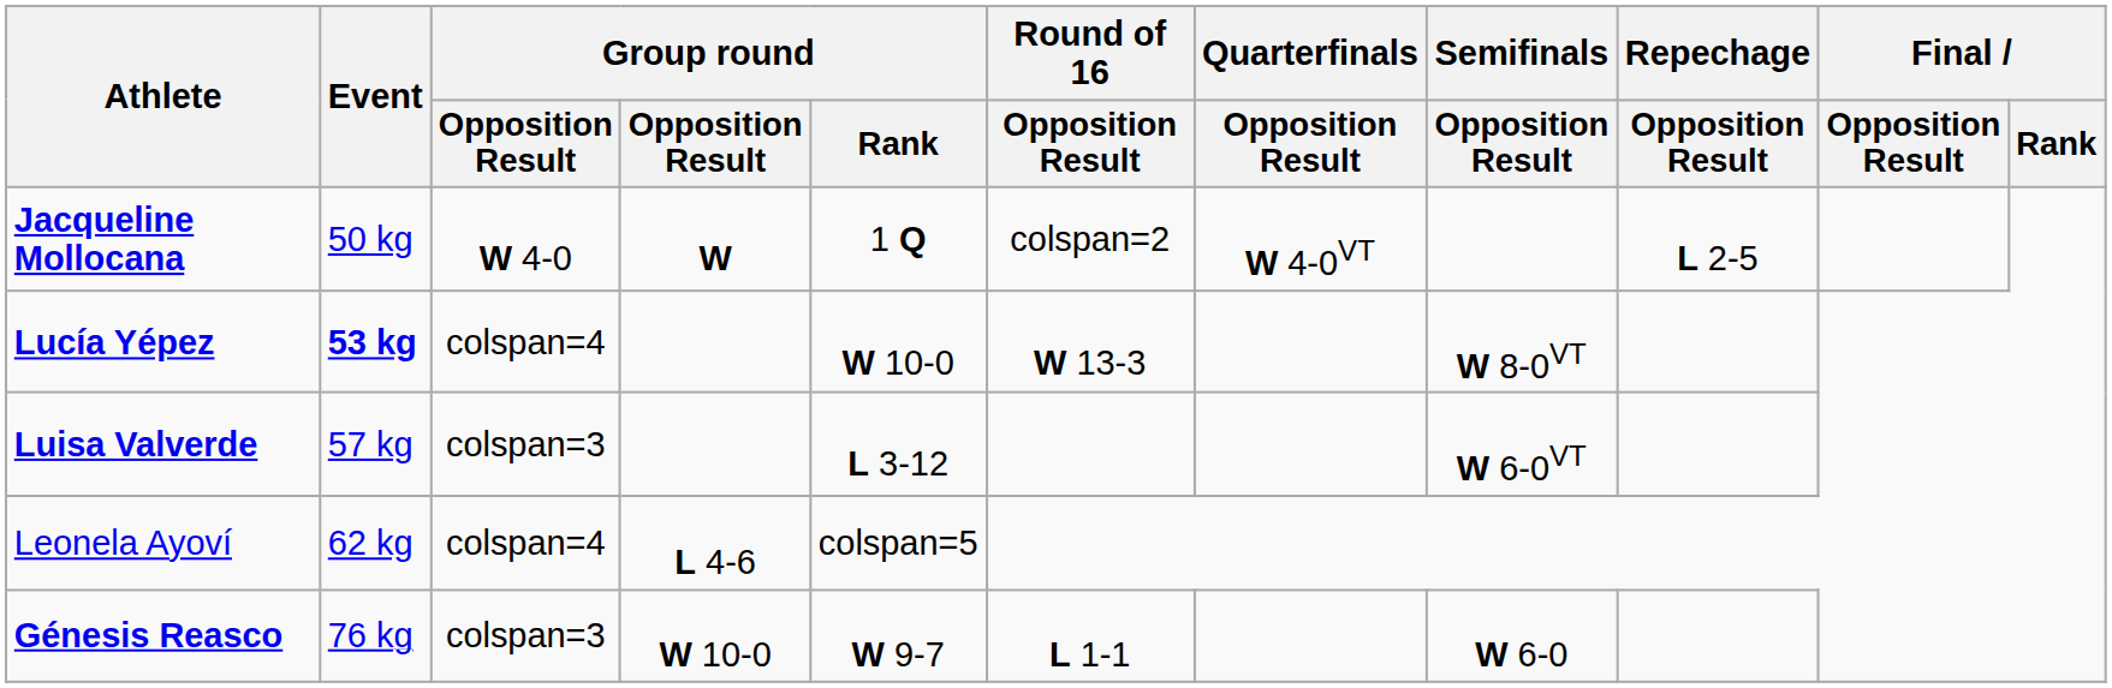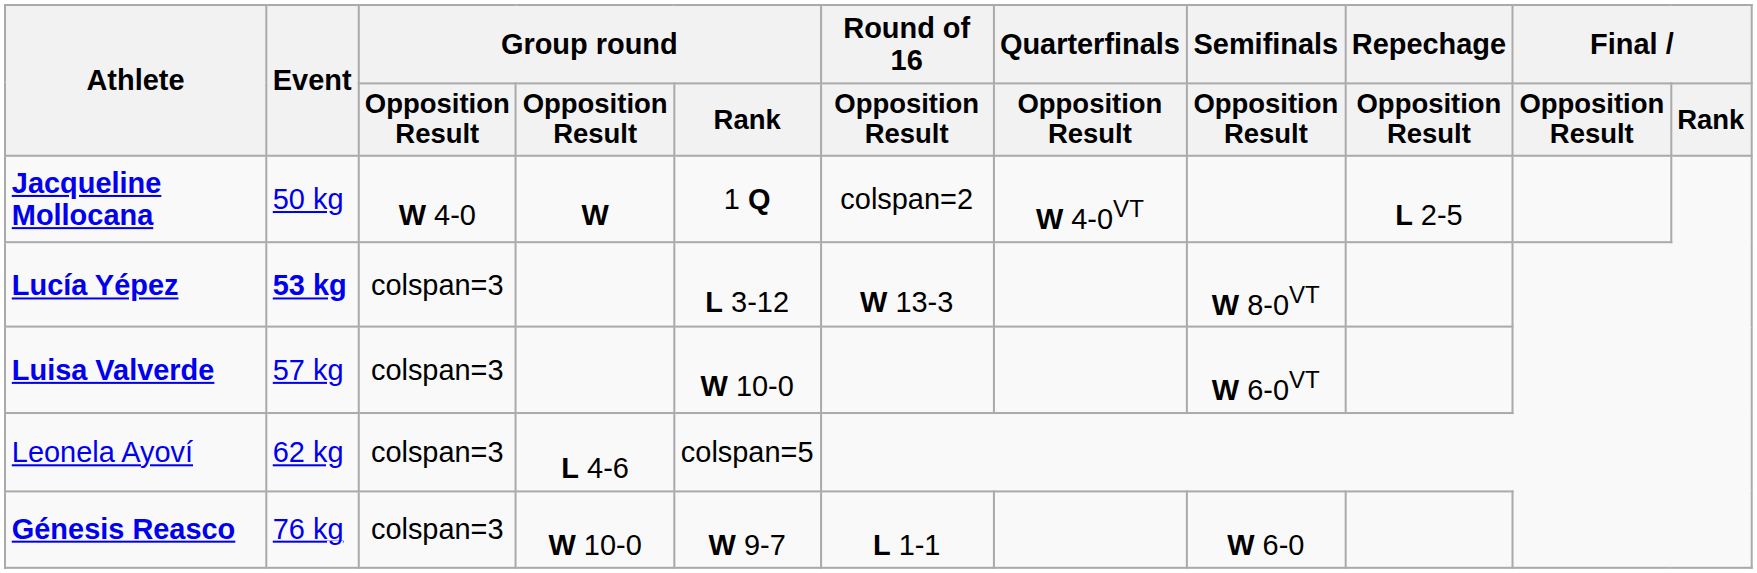 <table class=wikitable style=font-size:90%;text-align:center>
 <tr>
 <th rowspan=2>Athlete</th>
 <th rowspan=2>Event</th>
 <th colspan=3>Group round</th>
 <th>Round of 16</th>
 <th>Quarterfinals</th>
 <th>Semifinals</th>
 <th>Repechage</th>
 <th colspan=2>Final / </th>
 </tr>
 <tr style=font-size:95%>
 <th>Opposition<br>Result</th>
 <th>Opposition<br>Result</th>
 <th>Rank</th>
 <th>Opposition<br>Result</th>
 <th>Opposition<br>Result</th>
 <th>Opposition<br>Result</th>
 <th>Opposition<br>Result</th>
 <th>Opposition<br>Result</th>
 <th>Rank</th>
 </tr>
 <tr align=center>
 <td align=left><strong><a href='#'>Jacqueline Mollocana</a></strong></td>
 <td align=left><a href='#'>50 kg</a></td>
 <td><br><strong>W</strong> 4-0</td>
 <td><br><strong>W</strong> </td>
 <td>1 <strong>Q</strong></td>
 <td>colspan=2 </td>
 <td><br><strong>W</strong> 4-0<sup>VT</sup></td>
 <td></td>
 <td><br><strong>L</strong> 2-5</td>
 <td></td>
 </tr>
 <tr align=center>
 <td align=left><strong><a href='#'>Lucía Yépez</a></strong></td>
 <td align=left><strong><a href='#'>53 kg</a></strong></td>
-<td>colspan=4 </td>
+<td>colspan=3 </td>
 <td></td>
-<td><br><strong>W</strong> 10-0</td>
+<td><br><strong>L</strong> 3-12</td>
 <td><br><strong>W</strong> 13-3</td>
 <td></td>
 <td><br><strong>W</strong> 8-0<sup>VT</sup></td>
 <td></td>
 </tr>
 <tr align=center>
 <td align=left><strong><a href='#'>Luisa Valverde</a></strong></td>
 <td align=left><a href='#'>57 kg</a></td>
 <td>colspan=3 </td>
 <td></td>
-<td><br><strong>L</strong> 3-12</td>
+<td><br><strong>W</strong> 10-0</td>
 <td></td>
 <td></td>
 <td><br><strong>W</strong> 6-0<sup>VT</sup></td>
 <td></td>
 </tr>
 <tr align=center>
 <td align=left><a href='#'>Leonela Ayoví</a></td>
 <td align=left><a href='#'>62 kg</a></td>
-<td>colspan=4 </td>
+<td>colspan=3 </td>
 <td><br><strong>L</strong> 4-6</td>
 <td>colspan=5 </td>
 </tr>
 <tr align=center>
 <td align=left><strong><a href='#'>Génesis Reasco</a></strong></td>
 <td align=left><a href='#'>76 kg</a></td>
 <td>colspan=3 </td>
 <td><br><strong>W</strong> 10-0</td>
 <td><br><strong>W</strong> 9-7</td>
 <td><br><strong>L</strong> 1-1</td>
 <td></td>
 <td><br><strong>W</strong> 6-0</td>
 <td></td>
 </tr>
 </table>
